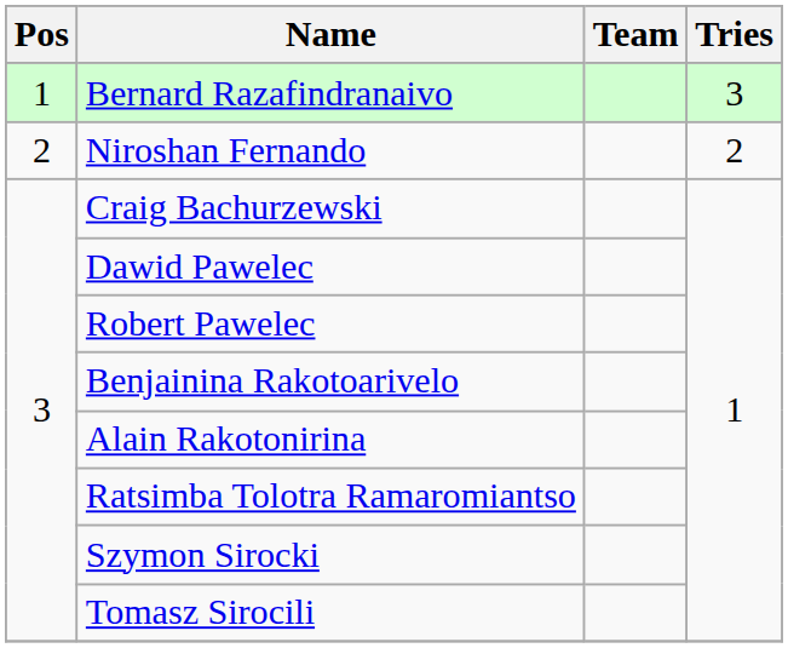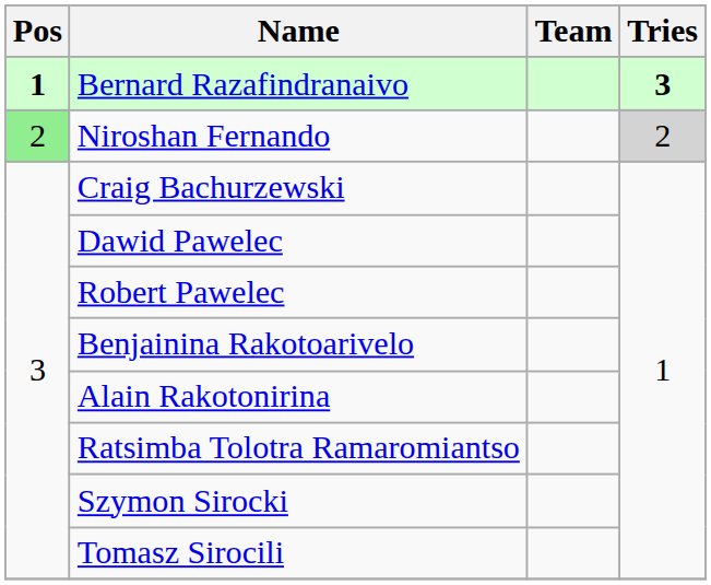 <table class="wikitable" style="text-align:center">
 <tr>
 <th>Pos</th>
 <th>Name</th>
 <th>Team</th>
 <th>Tries</th>
 </tr>
 <tr style="background:#d0ffd0;">
-<td>1</td>
+<td><strong>1</strong></td>
 <td align="left"><a href='#'>Bernard Razafindranaivo</a></td>
 <td align="left"></td>
-<td>3</td>
+<td><strong>3</strong></td>
 </tr>
 <tr>
-<td>2</td>
+<td style="background: lightgreen;">2</td>
 <td align="left"><a href='#'>Niroshan Fernando</a></td>
 <td align="left"></td>
-<td>2</td>
+<td style="background: lightgrey;">2</td>
 </tr>
 <tr>
 <td rowspan=8>3</td>
 <td align="left"><a href='#'>Craig Bachurzewski</a></td>
 <td align="left"></td>
 <td rowspan=8>1</td>
 </tr>
 <tr>
 <td align="left"><a href='#'>Dawid Pawelec</a></td>
 <td align="left"></td>
 </tr>
 <tr>
 <td align="left"><a href='#'>Robert Pawelec</a></td>
 <td align="left"></td>
 </tr>
 <tr>
 <td align="left"><a href='#'>Benjainina Rakotoarivelo</a></td>
 <td align="left"></td>
 </tr>
 <tr>
 <td align="left"><a href='#'>Alain Rakotonirina</a></td>
 <td align="left"></td>
 </tr>
 <tr>
 <td align="left"><a href='#'>Ratsimba Tolotra Ramaromiantso</a></td>
 <td align="left"></td>
 </tr>
 <tr>
 <td align="left"><a href='#'>Szymon Sirocki</a></td>
 <td align="left"></td>
 </tr>
 <tr>
 <td align="left"><a href='#'>Tomasz Sirocili</a></td>
 <td align="left"></td>
 </tr>
 <tr>
 </tr>
 </table>
